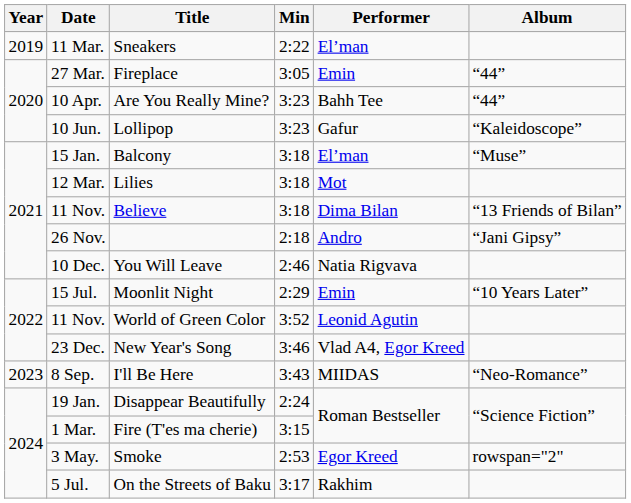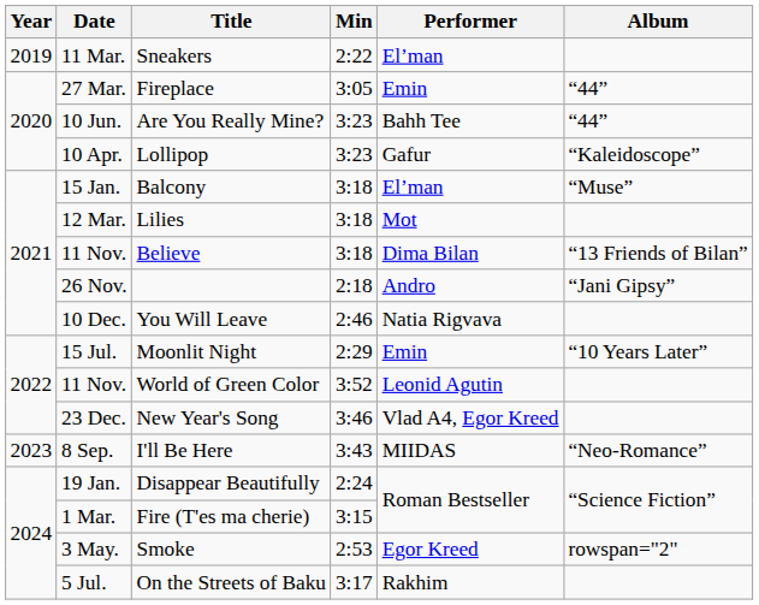 <table class="wikitable tiles">
 <tr>
 <th>Year</th>
 <th>Date</th>
 <th>Title</th>
 <th>Min</th>
 <th>Performer</th>
 <th>Album</th>
 </tr>
 <tr>
 <td>2019</td>
 <td>11 Mar.</td>
 <td>Sneakers</td>
 <td>2:22</td>
 <td><a href='#'>El’man</a></td>
 <td></td>
 </tr>
 <tr>
 <td rowspan="3">2020</td>
 <td>27 Mar.</td>
 <td>Fireplace</td>
 <td>3:05</td>
 <td><a href='#'>Emin</a></td>
 <td>“44”</td>
 </tr>
 <tr>
-<td>10 Apr.</td>
+<td>10 Jun.</td>
 <td>Are You Really Mine?</td>
 <td>3:23</td>
 <td>Bahh Tee</td>
 <td>“44”</td>
 </tr>
 <tr>
-<td>10 Jun.</td>
+<td>10 Apr.</td>
 <td>Lollipop</td>
 <td>3:23</td>
 <td>Gafur</td>
 <td>“Kaleidoscope”</td>
 </tr>
 <tr>
 <td rowspan="5">2021</td>
 <td>15 Jan.</td>
 <td>Balcony</td>
 <td>3:18</td>
 <td><a href='#'>El’man</a></td>
 <td>“Muse”</td>
 </tr>
 <tr>
 <td>12 Mar.</td>
 <td>Lilies</td>
 <td>3:18</td>
 <td><a href='#'>Mot</a></td>
 <td></td>
 </tr>
 <tr>
 <td>11 Nov.</td>
 <td><a href='#'>Believe</a></td>
 <td>3:18</td>
 <td><a href='#'>Dima Bilan</a></td>
 <td>“13 Friends of Bilan”</td>
 </tr>
 <tr>
 <td>26 Nov.</td>
 <td><em></em></td>
 <td>2:18</td>
 <td><a href='#'>Andro</a></td>
 <td>“Jani Gipsy”</td>
 </tr>
 <tr>
 <td>10 Dec.</td>
 <td>You Will Leave</td>
 <td>2:46</td>
 <td>Natia Rigvava</td>
 <td></td>
 </tr>
 <tr>
 <td rowspan="3">2022</td>
 <td>15 Jul.</td>
 <td>Moonlit Night</td>
 <td>2:29</td>
 <td><a href='#'>Emin</a></td>
 <td>“10 Years Later”</td>
 </tr>
 <tr>
 <td>11 Nov.</td>
 <td>World of Green Color</td>
 <td>3:52</td>
 <td><a href='#'>Leonid Agutin</a></td>
 <td></td>
 </tr>
 <tr>
 <td>23 Dec.</td>
 <td>New Year's Song</td>
 <td>3:46</td>
 <td>Vlad A4, <a href='#'>Egor Kreed</a></td>
 <td></td>
 </tr>
 <tr>
 <td>2023</td>
 <td>8 Sep.</td>
 <td>I'll Be Here</td>
 <td>3:43</td>
 <td>MIIDAS</td>
 <td>“Neo-Romance”</td>
 </tr>
 <tr>
 <td rowspan="4">2024</td>
 <td>19 Jan.</td>
 <td>Disappear Beautifully</td>
 <td>2:24</td>
 <td rowspan="2">Roman Bestseller</td>
 <td rowspan="2">“Science Fiction”</td>
 </tr>
 <tr>
 <td>1 Mar.</td>
 <td>Fire (T'es ma cherie)</td>
 <td>3:15</td>
 </tr>
 <tr>
 <td>3 May.</td>
 <td>Smoke</td>
 <td>2:53</td>
 <td><a href='#'>Egor Kreed</a></td>
 <td>rowspan="2" </td>
 </tr>
 <tr>
 <td>5 Jul.</td>
 <td>On the Streets of Baku</td>
 <td>3:17</td>
 <td>Rakhim</td>
 </tr>
 </table>
